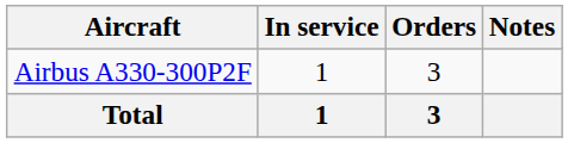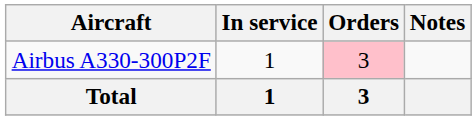 <table class="wikitable" style="margin:0.5em auto; text-align:center">
 <tr>
 <th>Aircraft</th>
 <th>In service</th>
 <th>Orders</th>
 <th>Notes</th>
 </tr>
 <tr>
 <td><a href='#'>Airbus A330-300P2F</a></td>
 <td>1</td>
-<td>3</td>
+<td style="background: pink;">3</td>
 <td></td>
 </tr>
 <tr>
 <th>Total</th>
 <th>1</th>
 <th>3</th>
 <th colspan=2></th>
 </tr>
 </table>
